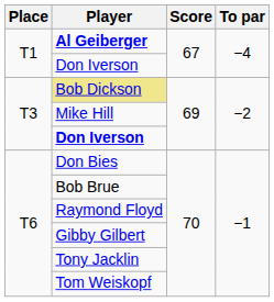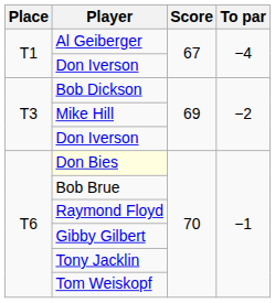 <table class=wikitable>
 <tr>
 <th>Place</th>
 <th>Player</th>
 <th>Score</th>
 <th>To par</th>
 </tr>
 <tr>
 <td rowspan=2 align=center>T1</td>
-<td><strong> <a href='#'>Al Geiberger</a></strong></td>
+<td> <a href='#'>Al Geiberger</a></td>
 <td rowspan=2 align=center>67</td>
 <td rowspan=2 align=center>−4</td>
 </tr>
 <tr>
 <td> <a href='#'>Don Iverson</a></td>
 </tr>
 <tr>
 <td rowspan=3 align=center>T3</td>
-<td style="background: khaki;"> <a href='#'>Bob Dickson</a></td>
+<td> <a href='#'>Bob Dickson</a></td>
 <td rowspan=3 align=center>69</td>
 <td rowspan=3 align=center>−2</td>
 </tr>
 <tr>
 <td> <a href='#'>Mike Hill</a></td>
 </tr>
 <tr>
-<td><strong> <a href='#'>Don Iverson</a></strong></td>
+<td> <a href='#'>Don Iverson</a></td>
 </tr>
 <tr>
 <td rowspan=6 align=center>T6</td>
-<td> <a href='#'>Don Bies</a></td>
+<td style="background: lightyellow;"> <a href='#'>Don Bies</a></td>
 <td rowspan=6 align=center>70</td>
 <td rowspan=6 align=center>−1</td>
 </tr>
 <tr>
 <td> Bob Brue</td>
 </tr>
 <tr>
 <td> <a href='#'>Raymond Floyd</a></td>
 </tr>
 <tr>
 <td> <a href='#'>Gibby Gilbert</a></td>
 </tr>
 <tr>
 <td> <a href='#'>Tony Jacklin</a></td>
 </tr>
 <tr>
 <td> <a href='#'>Tom Weiskopf</a></td>
 </tr>
 </table>
